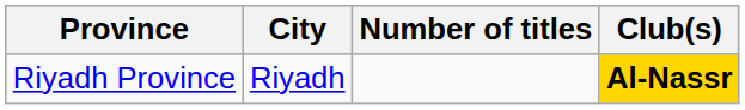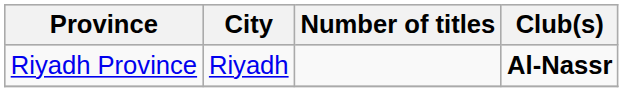 <table class="wikitable">
 <tr>
 <th>Province</th>
 <th>City</th>
 <th>Number of titles</th>
 <th>Club(s)</th>
 </tr>
 <tr>
 <td><a href='#'>Riyadh Province</a></td>
 <td><a href='#'>Riyadh</a></td>
 <td></td>
-<td style="background: gold;"><strong>Al-Nassr</strong></td>
+<td><strong>Al-Nassr</strong></td>
 </tr>
 <tr>
 </tr>
 </table>
